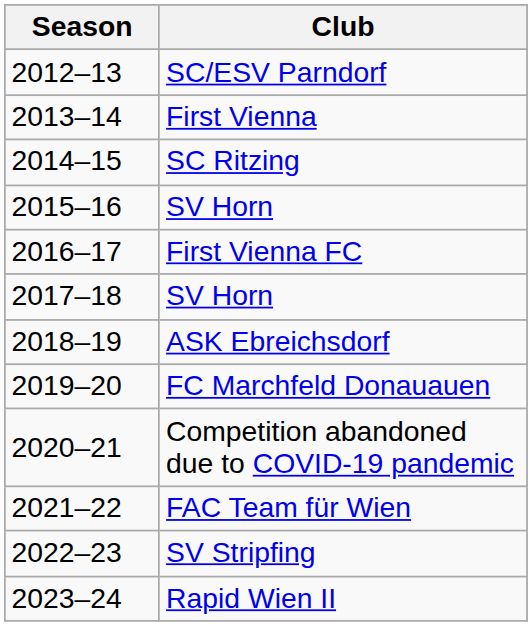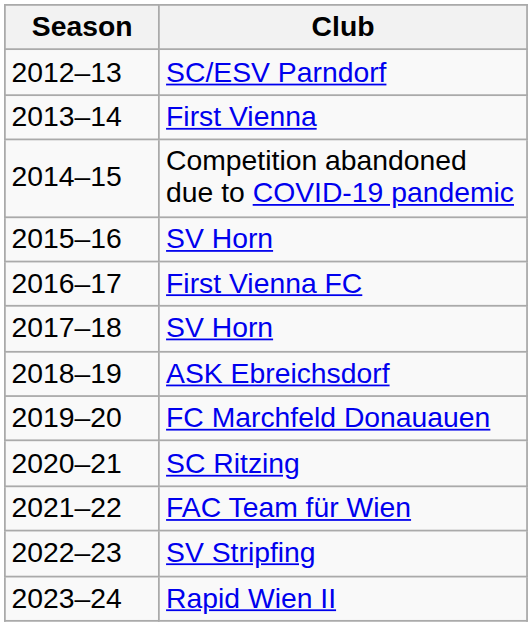 <table class="wikitable">
 <tr align="center" style="background:#dfdfdf">
 <th width="80">Season</th>
 <th width="200">Club</th>
 </tr>
 <tr>
 <td>2012–13</td>
 <td><a href='#'>SC/ESV Parndorf</a></td>
 </tr>
 <tr>
 <td>2013–14</td>
 <td><a href='#'>First Vienna</a></td>
 </tr>
 <tr>
 <td>2014–15</td>
-<td><a href='#'>SC Ritzing</a></td>
+<td>Competition abandoned due to <a href='#'>COVID-19 pandemic</a></td>
 </tr>
 <tr>
 <td>2015–16</td>
 <td><a href='#'>SV Horn</a></td>
 </tr>
 <tr>
 <td>2016–17</td>
 <td><a href='#'>First Vienna FC</a></td>
 </tr>
 <tr>
 <td>2017–18</td>
 <td><a href='#'>SV Horn</a></td>
 </tr>
 <tr>
 <td>2018–19</td>
 <td><a href='#'>ASK Ebreichsdorf</a></td>
 </tr>
 <tr>
 <td>2019–20</td>
 <td><a href='#'>FC Marchfeld Donauauen</a></td>
 </tr>
 <tr>
 <td>2020–21</td>
-<td>Competition abandoned due to <a href='#'>COVID-19 pandemic</a></td>
+<td><a href='#'>SC Ritzing</a></td>
 </tr>
 <tr>
 <td>2021–22</td>
 <td><a href='#'>FAC Team für Wien</a></td>
 </tr>
 <tr>
 <td>2022–23</td>
 <td><a href='#'>SV Stripfing</a></td>
 </tr>
 <tr>
 <td>2023–24</td>
 <td><a href='#'>Rapid Wien II</a></td>
 </tr>
 </table>
